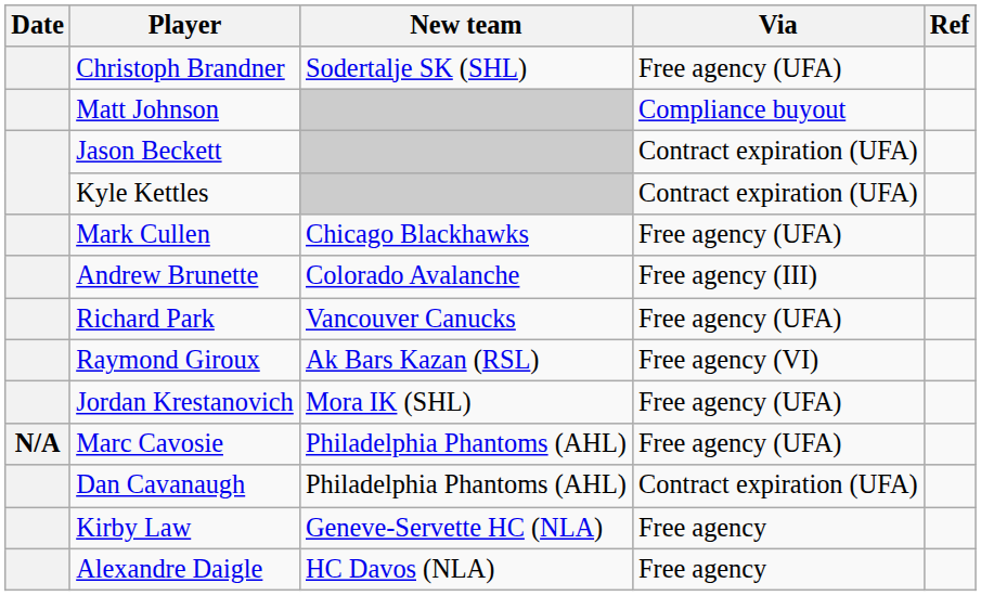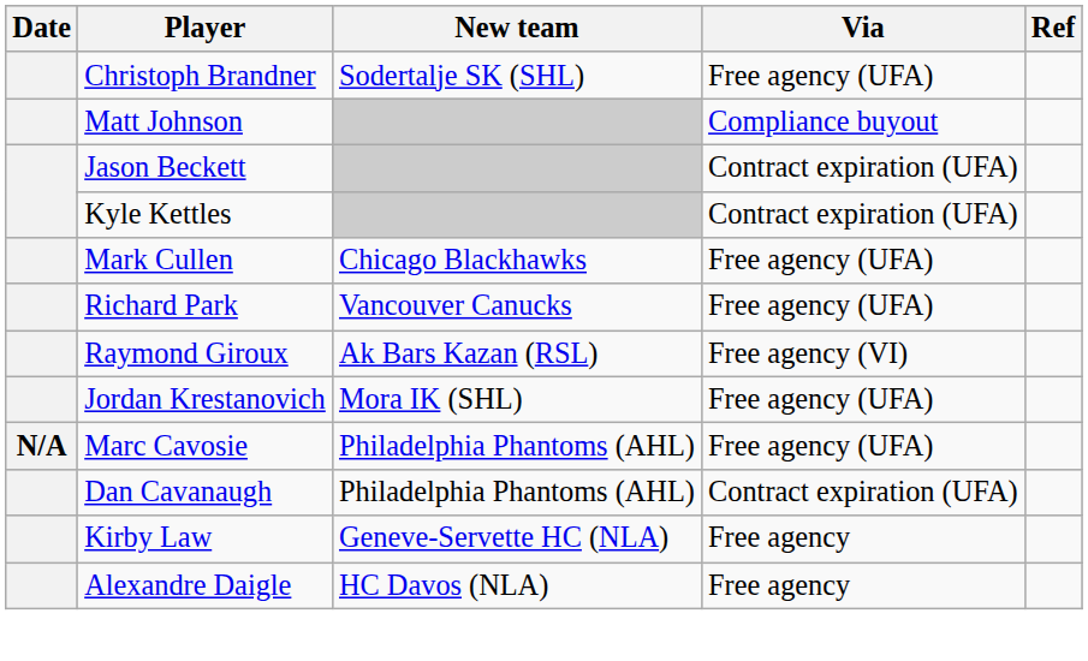 <table class="wikitable plainrowheaders">
 <tr style="background:#ddd; text-align:center;">
 <th>Date</th>
 <th>Player</th>
 <th>New team</th>
 <th>Via</th>
 <th>Ref</th>
 </tr>
 <tr>
 <th scope="row"></th>
 <td><a href='#'>Christoph Brandner</a></td>
 <td><a href='#'>Sodertalje SK</a> (<a href='#'>SHL</a>)</td>
 <td>Free agency (UFA)</td>
 <td></td>
 </tr>
 <tr>
 <th scope="row"></th>
 <td><a href='#'>Matt Johnson</a></td>
 <td style="background:#ccc"></td>
 <td><a href='#'>Compliance buyout</a></td>
 <td></td>
 </tr>
 <tr>
 <th scope="row" rowspan=2></th>
 <td><a href='#'>Jason Beckett</a></td>
 <td style="background:#ccc"></td>
 <td>Contract expiration (UFA)</td>
 <td></td>
 </tr>
 <tr>
 <td>Kyle Kettles</td>
 <td style="background:#ccc"></td>
 <td>Contract expiration (UFA)</td>
 <td></td>
 </tr>
 <tr>
 <th scope="row"></th>
 <td><a href='#'>Mark Cullen</a></td>
 <td><a href='#'>Chicago Blackhawks</a></td>
 <td>Free agency (UFA)</td>
-<td></td>
-</tr>
-<tr>
-<th scope="row"></th>
-<td><a href='#'>Andrew Brunette</a></td>
-<td><a href='#'>Colorado Avalanche</a></td>
-<td>Free agency (III)</td>
 <td></td>
 </tr>
 <tr>
 <th scope="row"></th>
 <td><a href='#'>Richard Park</a></td>
 <td><a href='#'>Vancouver Canucks</a></td>
 <td>Free agency (UFA)</td>
 <td></td>
 </tr>
 <tr>
 <th scope="row"></th>
 <td><a href='#'>Raymond Giroux</a></td>
 <td><a href='#'>Ak Bars Kazan</a> (<a href='#'>RSL</a>)</td>
 <td>Free agency (VI)</td>
 <td></td>
 </tr>
 <tr>
 <th scope="row"></th>
 <td><a href='#'>Jordan Krestanovich</a></td>
 <td><a href='#'>Mora IK</a> (SHL)</td>
 <td>Free agency (UFA)</td>
 <td></td>
 </tr>
 <tr>
 <th scope="row">N/A</th>
 <td><a href='#'>Marc Cavosie</a></td>
 <td><a href='#'>Philadelphia Phantoms</a> (AHL)</td>
 <td>Free agency (UFA)</td>
 <td></td>
 </tr>
 <tr>
 <th scope="row"></th>
 <td><a href='#'>Dan Cavanaugh</a></td>
 <td>Philadelphia Phantoms (AHL)</td>
 <td>Contract expiration (UFA)</td>
 <td></td>
 </tr>
 <tr>
 <th scope="row"></th>
 <td><a href='#'>Kirby Law</a></td>
 <td><a href='#'>Geneve-Servette HC</a> (<a href='#'>NLA</a>)</td>
 <td>Free agency</td>
 <td></td>
 </tr>
 <tr>
 <th scope="row"></th>
 <td><a href='#'>Alexandre Daigle</a></td>
 <td><a href='#'>HC Davos</a> (NLA)</td>
 <td>Free agency</td>
 <td></td>
 </tr>
 </table>
